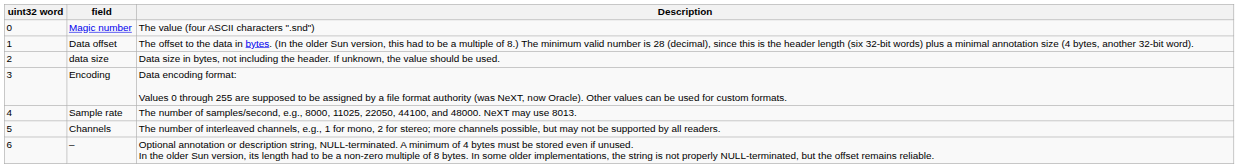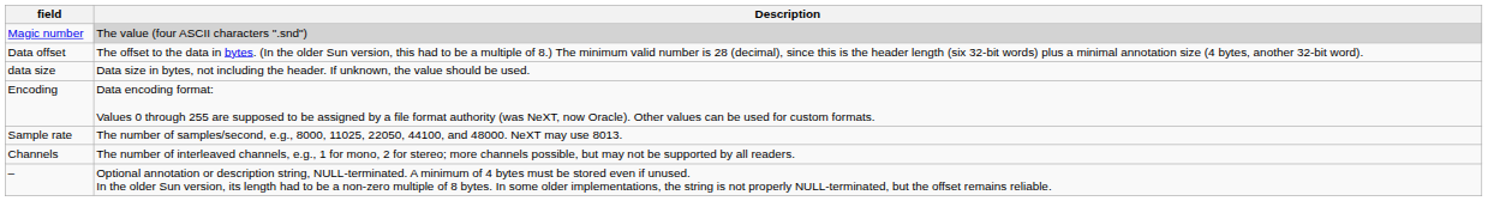 <table class="wikitable" width="100%">
 <tr>
-<th>uint32 word</th>
 <th>field</th>
 <th>Description</th>
 </tr>
 <tr valign = top>
-<td>0</td>
 <td><a href='#'>Magic number</a></td>
-<td>The value  (four ASCII characters ".snd")</td>
+<td style="background: lightgrey;">The value  (four ASCII characters ".snd")</td>
 </tr>
 <tr valign = top>
-<td>1</td>
 <td>Data offset</td>
 <td>The offset to the data in <a href='#'>bytes</a>. (In the older Sun version, this had to be a multiple of 8.) The minimum valid number is 28 (decimal), since this is the header length (six 32-bit words) plus a minimal annotation size (4 bytes, another 32-bit word).</td>
 </tr>
 <tr valign = top>
-<td>2</td>
 <td>data size</td>
 <td>Data size in bytes, not including the header. If unknown, the value  should be used.</td>
 </tr>
 <tr valign = top>
-<td>3</td>
 <td>Encoding</td>
 <td>Data encoding format:<br> <br>Values 0 through 255 are supposed to be assigned by a file format authority (was NeXT, now Oracle). Other values can be used for custom formats.</td>
 </tr>
 <tr valign = top>
-<td>4</td>
 <td>Sample rate</td>
 <td>The number of samples/second, e.g., 8000, 11025, 22050, 44100, and 48000. NeXT may use 8013.</td>
 </tr>
 <tr valign = top>
-<td>5</td>
 <td>Channels</td>
 <td>The number of interleaved channels, e.g., 1 for mono, 2 for stereo; more channels possible, but may not be supported by all readers.</td>
 </tr>
 <tr valign = top>
-<td>6</td>
 <td>–</td>
 <td>Optional annotation or description string, NULL-terminated. A minimum of 4 bytes must be stored even if unused.<br>In the older Sun version, its length had to be a non-zero multiple of 8 bytes. In some older implementations, the string is not properly NULL-terminated, but the offset remains reliable.</td>
 </tr>
 </table>
